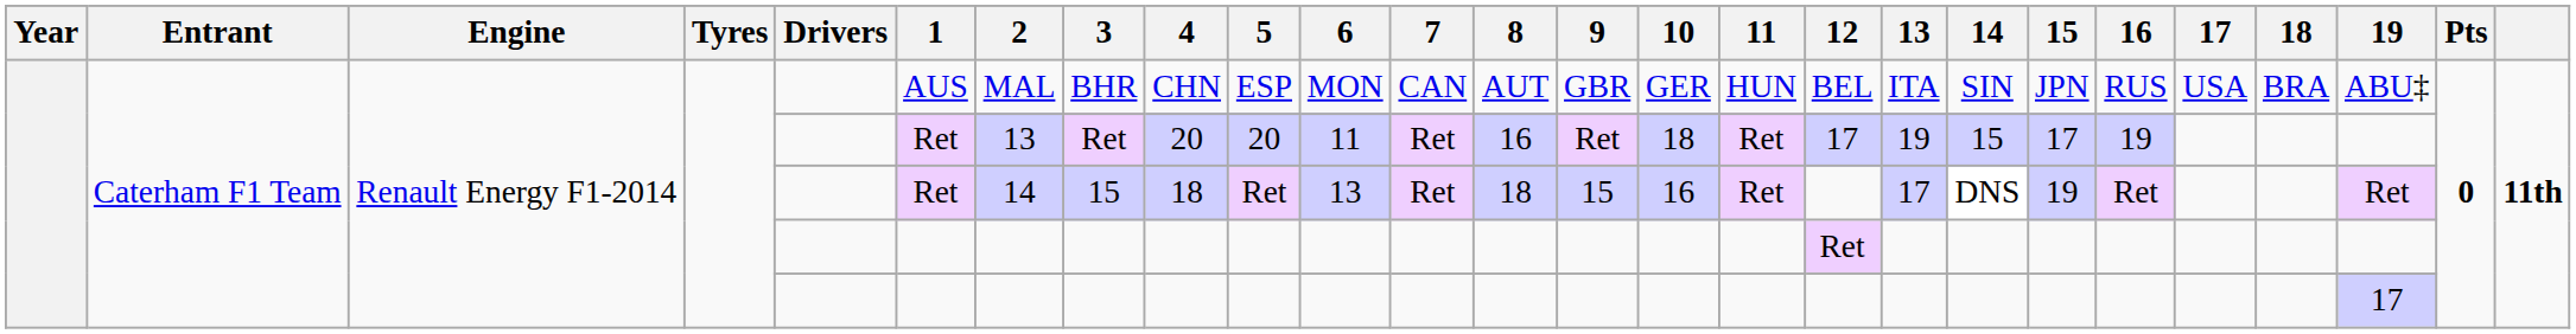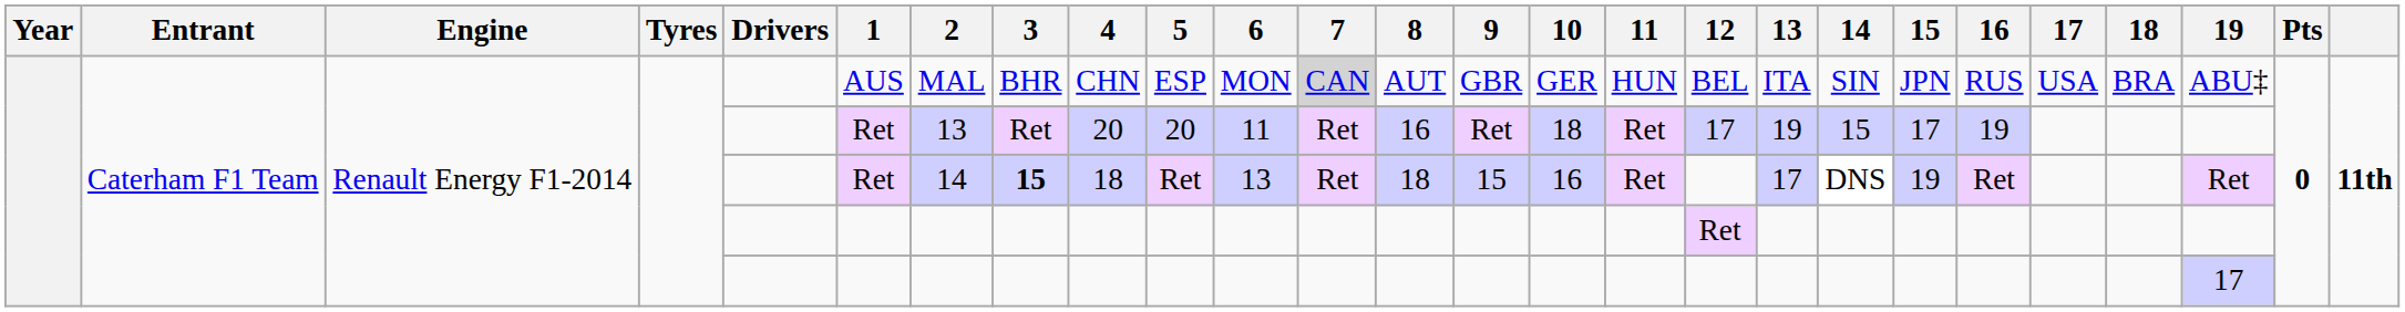 <table class="wikitable" style="text-align:center; font-size:90%">
 <tr>
 <th>Year</th>
 <th>Entrant</th>
 <th>Engine</th>
 <th>Tyres</th>
 <th>Drivers</th>
 <th>1</th>
 <th>2</th>
 <th>3</th>
 <th>4</th>
 <th>5</th>
 <th>6</th>
 <th>7</th>
 <th>8</th>
 <th>9</th>
 <th>10</th>
 <th>11</th>
 <th>12</th>
 <th>13</th>
 <th>14</th>
 <th>15</th>
 <th>16</th>
 <th>17</th>
 <th>18</th>
 <th>19</th>
 <th>Pts</th>
 <th></th>
 </tr>
 <tr>
 <th rowspan=5></th>
 <td rowspan=5><a href='#'>Caterham F1 Team</a></td>
 <td rowspan=5><a href='#'>Renault</a> Energy F1-2014</td>
 <td rowspan=5></td>
 <td></td>
 <td><a href='#'>AUS</a></td>
 <td><a href='#'>MAL</a></td>
 <td><a href='#'>BHR</a></td>
 <td><a href='#'>CHN</a></td>
 <td><a href='#'>ESP</a></td>
 <td><a href='#'>MON</a></td>
-<td><a href='#'>CAN</a></td>
+<td style="background: lightgrey;"><a href='#'>CAN</a></td>
 <td><a href='#'>AUT</a></td>
 <td><a href='#'>GBR</a></td>
 <td><a href='#'>GER</a></td>
 <td><a href='#'>HUN</a></td>
 <td><a href='#'>BEL</a></td>
 <td><a href='#'>ITA</a></td>
 <td><a href='#'>SIN</a></td>
 <td><a href='#'>JPN</a></td>
 <td><a href='#'>RUS</a></td>
 <td><a href='#'>USA</a></td>
 <td><a href='#'>BRA</a></td>
 <td><a href='#'>ABU</a>‡</td>
 <td rowspan="5"><strong>0</strong></td>
 <td rowspan="5"><strong>11th</strong></td>
 </tr>
 <tr>
 <td align="center"></td>
 <td style="background:#efcfff;">Ret</td>
 <td style="background:#cfcfff;">13</td>
 <td style="background:#efcfff;">Ret</td>
 <td style="background:#cfcfff;">20</td>
 <td style="background:#cfcfff;">20</td>
 <td style="background:#cfcfff;">11</td>
 <td style="background:#efcfff;">Ret</td>
 <td style="background:#cfcfff;">16</td>
 <td style="background:#efcfff;">Ret</td>
 <td style="background:#cfcfff;">18</td>
 <td style="background:#efcfff;">Ret</td>
 <td style="background:#cfcfff;">17</td>
 <td style="background:#cfcfff;">19</td>
 <td style="background:#cfcfff;">15</td>
 <td style="background:#cfcfff;">17</td>
 <td style="background:#cfcfff;">19</td>
 <td></td>
 <td></td>
 <td></td>
 </tr>
 <tr>
 <td align="center"></td>
 <td style="background:#efcfff;">Ret</td>
 <td style="background:#cfcfff;">14</td>
-<td style="background:#cfcfff;">15</td>
+<td style="background:#cfcfff;"><strong>15</strong></td>
 <td style="background:#cfcfff;">18</td>
 <td style="background:#efcfff;">Ret</td>
 <td style="background:#cfcfff;">13</td>
 <td style="background:#efcfff;">Ret</td>
 <td style="background:#cfcfff;">18</td>
 <td style="background:#cfcfff;">15</td>
 <td style="background:#cfcfff;">16</td>
 <td style="background:#efcfff;">Ret</td>
 <td></td>
 <td style="background:#cfcfff;">17</td>
 <td style="background:#ffffff;">DNS</td>
 <td style="background:#cfcfff;">19</td>
 <td style="background:#efcfff;">Ret</td>
 <td></td>
 <td></td>
 <td style="background:#efcfff;">Ret</td>
 </tr>
 <tr>
 <td align="center"></td>
 <td></td>
 <td></td>
 <td></td>
 <td></td>
 <td></td>
 <td></td>
 <td></td>
 <td></td>
 <td></td>
 <td></td>
 <td></td>
 <td style="background:#efcfff;">Ret</td>
 <td></td>
 <td></td>
 <td></td>
 <td></td>
 <td></td>
 <td></td>
 <td></td>
 </tr>
 <tr>
 <td align="center"></td>
 <td></td>
 <td></td>
 <td></td>
 <td></td>
 <td></td>
 <td></td>
 <td></td>
 <td></td>
 <td></td>
 <td></td>
 <td></td>
 <td></td>
 <td></td>
 <td></td>
 <td></td>
 <td></td>
 <td></td>
 <td></td>
 <td style="background:#cfcfff;">17</td>
 </tr>
 </table>
